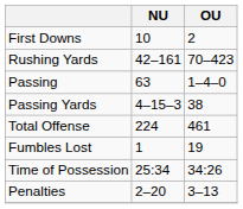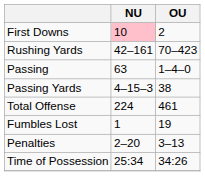 <table class="wikitable">
 <tr>
 <th></th>
 <th>NU</th>
 <th>OU</th>
 </tr>
 <tr>
 <td>First Downs</td>
-<td>10</td>
+<td style="background: pink;">10</td>
 <td>2</td>
 </tr>
 <tr>
 <td>Rushing Yards</td>
 <td>42–161</td>
 <td>70–423</td>
 </tr>
 <tr>
 <td>Passing</td>
 <td>63</td>
 <td>1–4–0</td>
 </tr>
 <tr>
 <td>Passing Yards</td>
 <td>4–15–3</td>
 <td>38</td>
 </tr>
 <tr>
 <td>Total Offense</td>
 <td>224</td>
 <td>461</td>
 </tr>
 <tr>
 <td>Fumbles Lost</td>
 <td>1</td>
 <td>19</td>
 </tr>
 <tr>
+<td>Penalties</td>
+<td>2–20</td>
+<td>3–13</td>
+</tr>
+<tr>
 <td>Time of Possession</td>
 <td>25:34</td>
 <td>34:26</td>
 </tr>
 <tr>
-<td>Penalties</td>
-<td>2–20</td>
-<td>3–13</td>
-</tr>
-<tr>
 </tr>
 </table>
